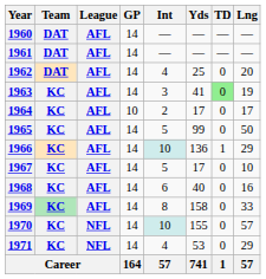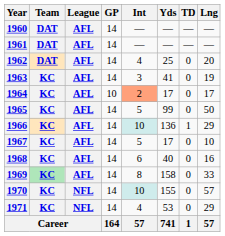 <table class="wikitable" style="text-align:center;">
 <tr>
 <th>Year</th>
 <th>Team</th>
 <th>League</th>
 <th>GP</th>
 <th>Int</th>
 <th>Yds</th>
 <th>TD</th>
 <th>Lng</th>
 </tr>
 <tr>
 <th><a href='#'>1960</a></th>
 <th><a href='#'>DAT</a></th>
 <th><a href='#'>AFL</a></th>
 <td>14</td>
 <td>—</td>
 <td>—</td>
 <td>—</td>
 <td>—</td>
 </tr>
 <tr>
 <th><a href='#'>1961</a></th>
 <th><a href='#'>DAT</a></th>
 <th><a href='#'>AFL</a></th>
 <td>14</td>
 <td>—</td>
 <td>—</td>
 <td>—</td>
 <td>—</td>
 </tr>
 <tr>
 <th><a href='#'>1962</a></th>
 <th style="background:#ffe6bd; width:3em;"><a href='#'>DAT</a></th>
 <th><a href='#'>AFL</a></th>
 <td>14</td>
 <td>4</td>
 <td>25</td>
 <td>0</td>
 <td>20</td>
 </tr>
 <tr>
 <th><a href='#'>1963</a></th>
 <th><a href='#'>KC</a></th>
 <th><a href='#'>AFL</a></th>
 <td>14</td>
 <td>3</td>
 <td>41</td>
-<td style="background: lightgreen;">0</td>
+<td>0</td>
 <td>19</td>
 </tr>
 <tr>
 <th><a href='#'>1964</a></th>
 <th><a href='#'>KC</a></th>
 <th><a href='#'>AFL</a></th>
 <td>10</td>
-<td>2</td>
+<td style="background: lightsalmon;">2</td>
 <td>17</td>
 <td>0</td>
 <td>17</td>
 </tr>
 <tr>
 <th><a href='#'>1965</a></th>
 <th><a href='#'>KC</a></th>
 <th><a href='#'>AFL</a></th>
 <td>14</td>
 <td>5</td>
 <td>99</td>
 <td>0</td>
 <td>50</td>
 </tr>
 <tr>
 <th><a href='#'>1966</a></th>
 <th style="background:#ffe6bd; width:3em;"><a href='#'>KC</a></th>
 <th><a href='#'>AFL</a></th>
 <td>14</td>
 <td style="background:#cfecec; width:3em;">10</td>
 <td>136</td>
 <td>1</td>
 <td>29</td>
 </tr>
 <tr>
 <th><a href='#'>1967</a></th>
 <th><a href='#'>KC</a></th>
 <th><a href='#'>AFL</a></th>
 <td>14</td>
 <td>5</td>
 <td>17</td>
 <td>0</td>
 <td>10</td>
 </tr>
 <tr>
 <th><a href='#'>1968</a></th>
 <th><a href='#'>KC</a></th>
 <th><a href='#'>AFL</a></th>
 <td>14</td>
 <td>6</td>
 <td>40</td>
 <td>0</td>
 <td>16</td>
 </tr>
 <tr>
 <th><a href='#'>1969</a></th>
 <th style="background:#afe6ba; width:3em;"><a href='#'>KC</a></th>
 <th><a href='#'>AFL</a></th>
 <td>14</td>
 <td>8</td>
 <td>158</td>
 <td>0</td>
 <td>33</td>
 </tr>
 <tr>
 <th><a href='#'>1970</a></th>
 <th><a href='#'>KC</a></th>
 <th><a href='#'>NFL</a></th>
 <td>14</td>
 <td style="background:#cfecec; width:3em;">10</td>
 <td>155</td>
 <td>0</td>
 <td>57</td>
 </tr>
 <tr>
 <th><a href='#'>1971</a></th>
 <th><a href='#'>KC</a></th>
 <th><a href='#'>NFL</a></th>
 <td>14</td>
 <td>4</td>
 <td>53</td>
 <td>0</td>
 <td>29</td>
 </tr>
 <tr>
 <th colspan="3">Career</th>
 <th>164</th>
 <th>57</th>
 <th>741</th>
 <th>1</th>
 <th>57</th>
 </tr>
 </table>
